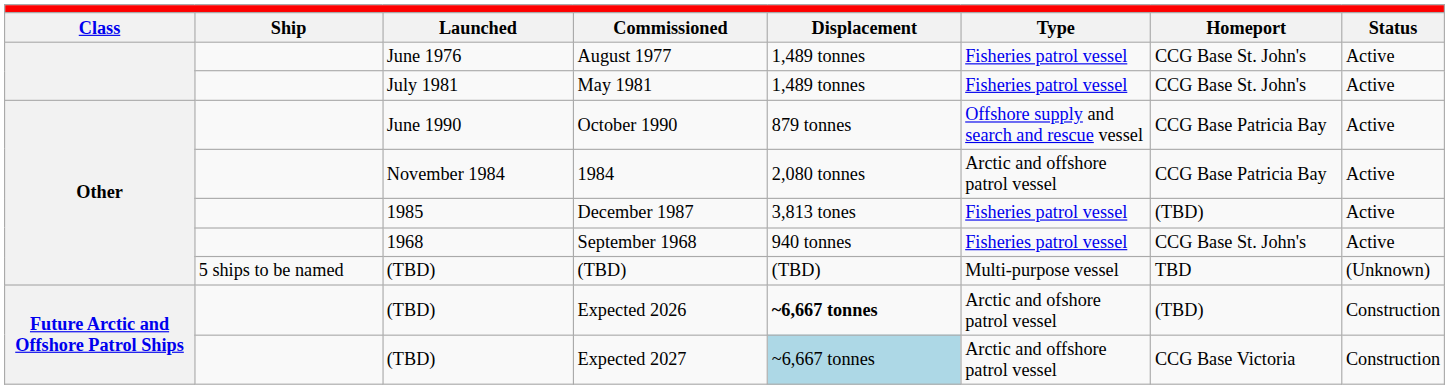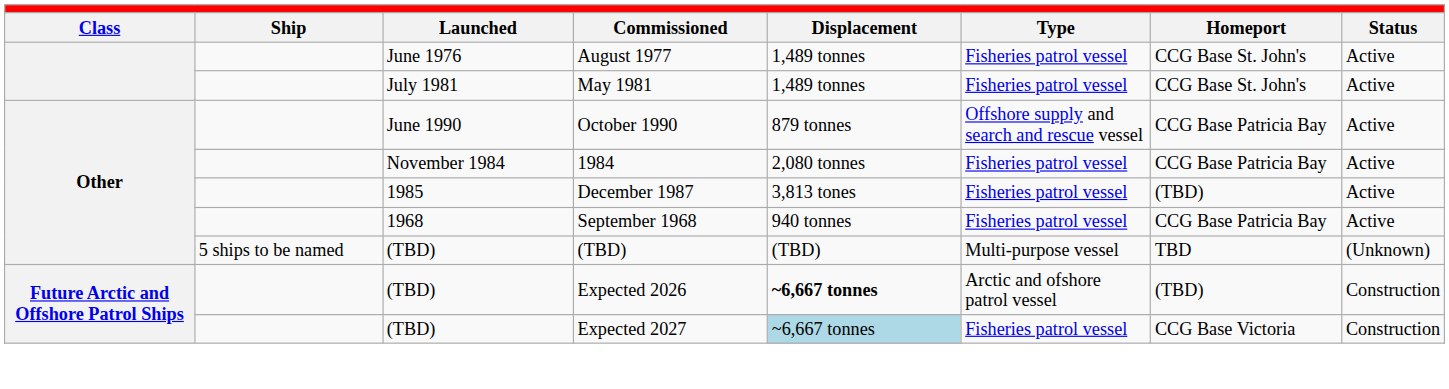 <table class="wikitable" style="margin:auto; width:100%;">
 <tr>
 <th style="align: center; background: #FF0000;" colspan="8"><strong></strong></th>
 </tr>
 <tr>
 </tr>
 <tr>
 <th style="text-align:center; width:14%;"><a href='#'>Class</a></th>
 <th style="text-align:center; width:14%;">Ship</th>
 <th style="text-align:center; width:14%;">Launched</th>
 <th style="text-align:center; width:14%;">Commissioned</th>
 <th style="text-align:center; width:14%;">Displacement</th>
 <th style="text-align:center; width:14%;">Type</th>
 <th style="text-align:center; width:14%;">Homeport</th>
 <th style="text-align:center; width:2%;">Status</th>
 </tr>
 <tr>
 <th rowspan="2"></th>
 <td></td>
 <td>June 1976</td>
 <td>August 1977</td>
 <td>1,489 tonnes</td>
 <td><a href='#'>Fisheries patrol vessel</a></td>
 <td>CCG Base St. John's</td>
 <td>Active</td>
 </tr>
 <tr>
 <td></td>
 <td>July 1981</td>
 <td>May 1981</td>
 <td>1,489 tonnes</td>
 <td><a href='#'>Fisheries patrol vessel</a></td>
 <td>CCG Base St. John's</td>
 <td>Active</td>
 </tr>
 <tr>
 <th rowspan="5">Other</th>
 <td></td>
 <td>June 1990</td>
 <td>October 1990</td>
 <td>879 tonnes</td>
 <td><a href='#'>Offshore supply</a> and <a href='#'>search and rescue</a> vessel</td>
 <td>CCG Base Patricia Bay</td>
 <td>Active</td>
 </tr>
 <tr>
 <td></td>
 <td>November 1984</td>
 <td>1984</td>
 <td>2,080 tonnes</td>
-<td>Arctic and offshore patrol vessel</td>
+<td><a href='#'>Fisheries patrol vessel</a></td>
 <td>CCG Base Patricia Bay</td>
 <td>Active</td>
 </tr>
 <tr>
 <td></td>
 <td>1985</td>
 <td>December 1987</td>
 <td>3,813 tones</td>
 <td><a href='#'>Fisheries patrol vessel</a></td>
 <td>(TBD)</td>
 <td>Active</td>
 </tr>
 <tr>
 <td></td>
 <td>1968</td>
 <td>September 1968</td>
 <td>940 tonnes</td>
 <td><a href='#'>Fisheries patrol vessel</a></td>
-<td>CCG Base St. John's</td>
+<td>CCG Base Patricia Bay</td>
 <td>Active</td>
 </tr>
 <tr>
 <td>5 ships to be named </td>
 <td>(TBD)</td>
 <td>(TBD)</td>
 <td>(TBD)</td>
 <td>Multi-purpose vessel</td>
 <td>TBD</td>
 <td>(Unknown)</td>
 </tr>
 <tr>
 <th rowspan="2"><a href='#'>Future Arctic and Offshore Patrol Ships</a></th>
 <td></td>
 <td>(TBD)</td>
 <td>Expected 2026</td>
 <td><strong>~6,667 tonnes</strong></td>
 <td>Arctic and ofshore patrol vessel</td>
 <td>(TBD)</td>
 <td>Construction</td>
 </tr>
 <tr>
 <td></td>
 <td>(TBD)</td>
 <td>Expected 2027</td>
 <td style="background: lightblue;">~6,667 tonnes</td>
-<td>Arctic and offshore patrol vessel</td>
+<td><a href='#'>Fisheries patrol vessel</a></td>
 <td>CCG Base Victoria</td>
 <td>Construction</td>
 </tr>
 </table>
